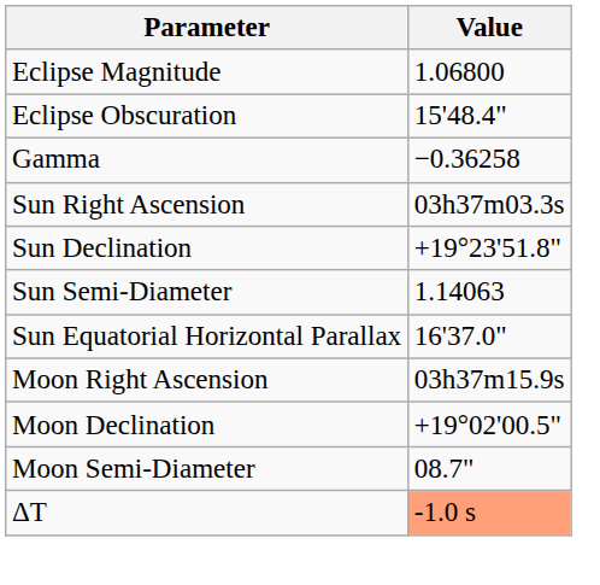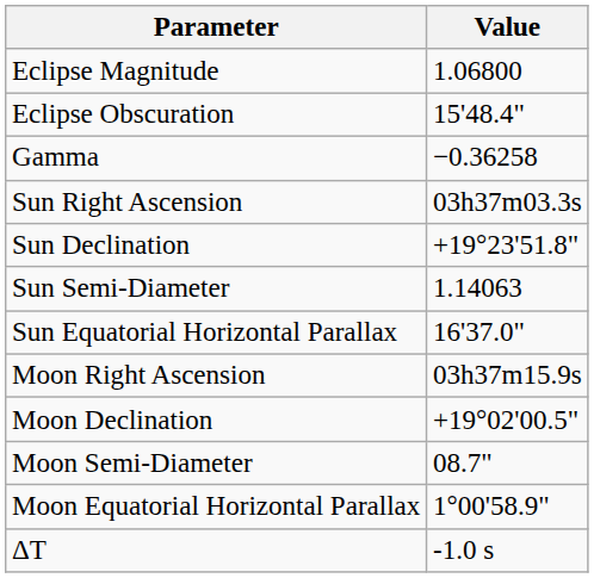 <table class="wikitable">
 <tr>
 <th>Parameter</th>
 <th>Value</th>
 </tr>
 <tr>
 <td>Eclipse Magnitude</td>
 <td>1.06800</td>
 </tr>
 <tr>
 <td>Eclipse Obscuration</td>
 <td>15'48.4"</td>
 </tr>
 <tr>
 <td>Gamma</td>
 <td>−0.36258</td>
 </tr>
 <tr>
 <td>Sun Right Ascension</td>
 <td>03h37m03.3s</td>
 </tr>
 <tr>
 <td>Sun Declination</td>
 <td>+19°23'51.8"</td>
 </tr>
 <tr>
 <td>Sun Semi-Diameter</td>
 <td>1.14063</td>
 </tr>
 <tr>
 <td>Sun Equatorial Horizontal Parallax</td>
 <td>16'37.0"</td>
 </tr>
 <tr>
 <td>Moon Right Ascension</td>
 <td>03h37m15.9s</td>
 </tr>
 <tr>
 <td>Moon Declination</td>
 <td>+19°02'00.5"</td>
 </tr>
 <tr>
 <td>Moon Semi-Diameter</td>
 <td>08.7"</td>
 </tr>
 <tr>
+<td>Moon Equatorial Horizontal Parallax</td>
+<td>1°00'58.9"</td>
+</tr>
+<tr>
 <td>ΔT</td>
-<td style="background: lightsalmon;">-1.0 s</td>
+<td>-1.0 s</td>
 </tr>
 </table>
